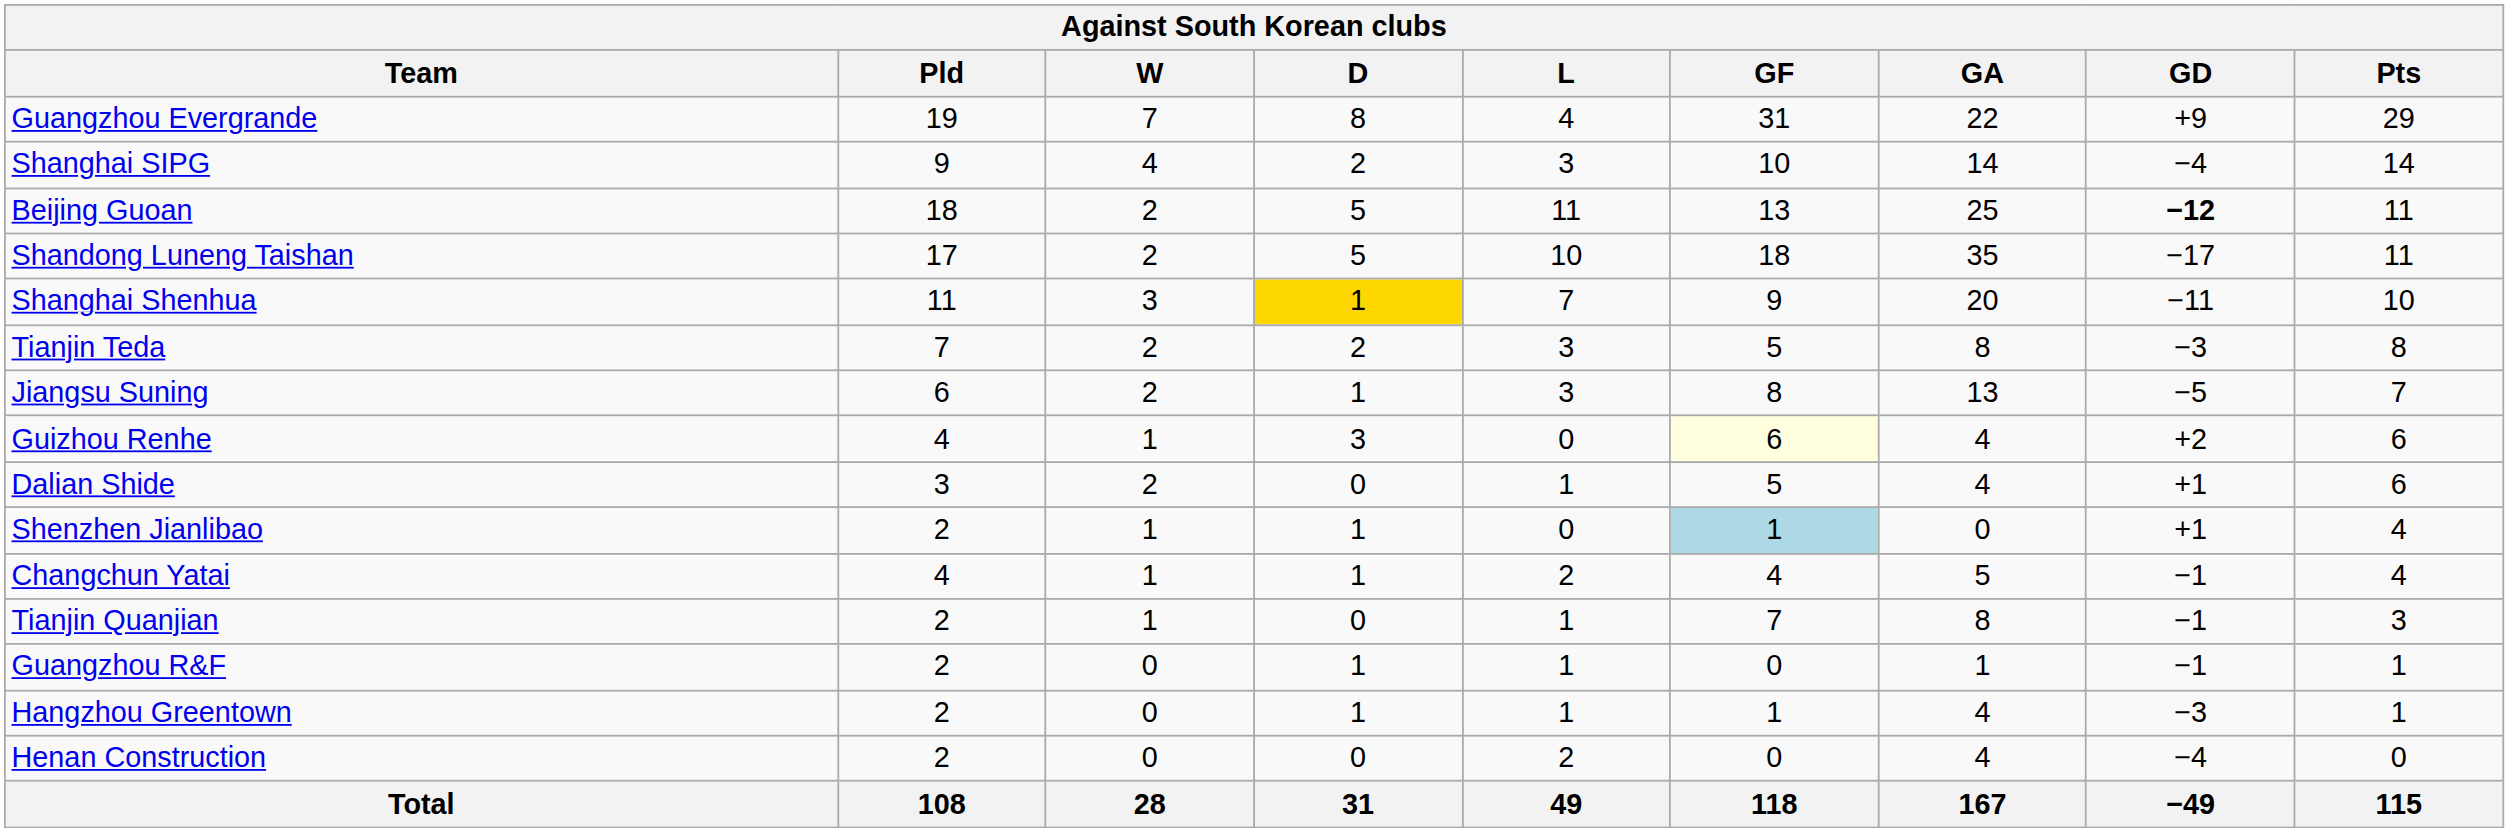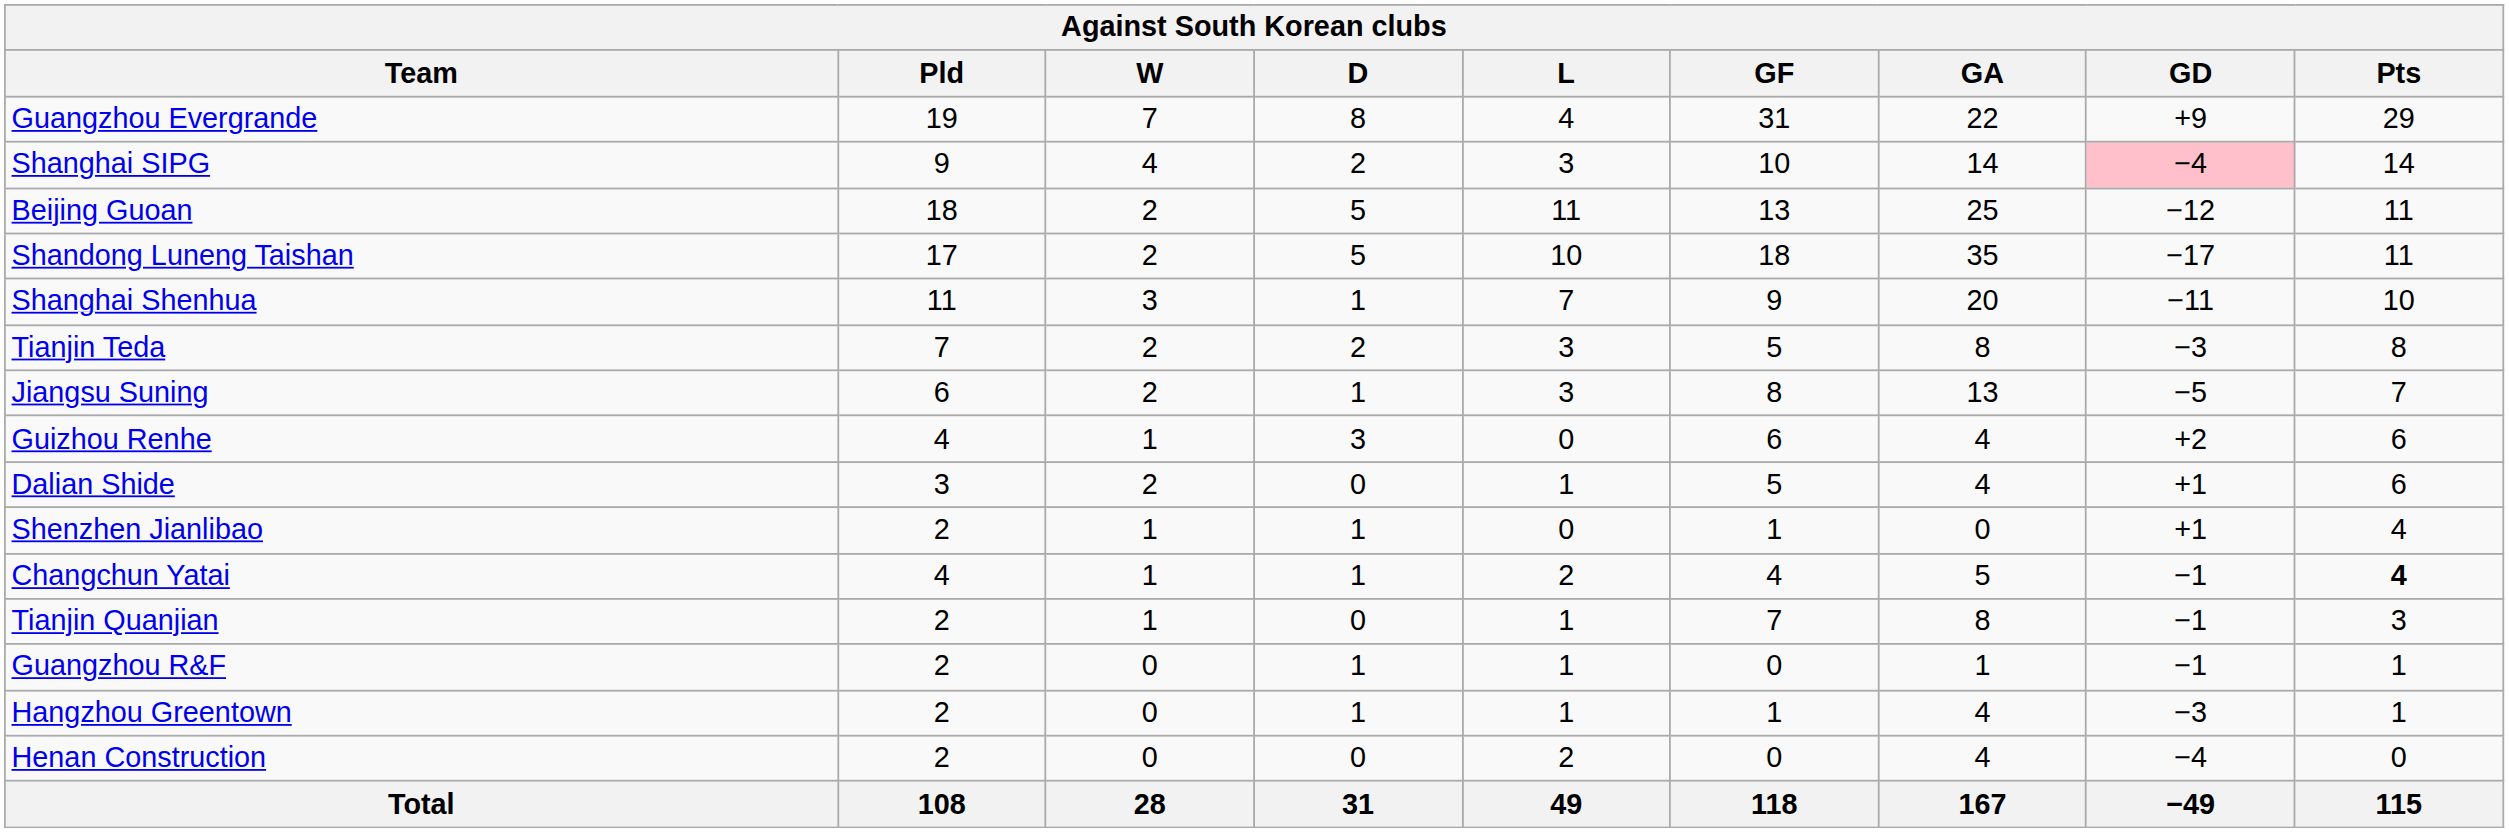 <table width=70% class="wikitable" style="text-align:center">
 <tr>
 <th colspan=9>Against South Korean clubs</th>
 </tr>
 <tr>
 <th width=20%>Team</th>
 <th width=5%>Pld</th>
 <th width=5%>W</th>
 <th width=5%>D</th>
 <th width=5%>L</th>
 <th width=5%>GF</th>
 <th width=5%>GA</th>
 <th width=5%>GD</th>
 <th width=5%>Pts</th>
 </tr>
 <tr>
 <td align=left> <a href='#'>Guangzhou Evergrande</a></td>
 <td>19</td>
 <td>7</td>
 <td>8</td>
 <td>4</td>
 <td>31</td>
 <td>22</td>
 <td>+9</td>
 <td>29</td>
 </tr>
 <tr>
 <td align=left> <a href='#'>Shanghai SIPG</a></td>
 <td>9</td>
 <td>4</td>
 <td>2</td>
 <td>3</td>
 <td>10</td>
 <td>14</td>
-<td>−4</td>
+<td style="background: pink;">−4</td>
 <td>14</td>
 </tr>
 <tr>
 <td align=left> <a href='#'>Beijing Guoan</a></td>
 <td>18</td>
 <td>2</td>
 <td>5</td>
 <td>11</td>
 <td>13</td>
 <td>25</td>
-<td><strong>−12</strong></td>
+<td>−12</td>
 <td>11</td>
 </tr>
 <tr>
 <td align=left> <a href='#'>Shandong Luneng Taishan</a></td>
 <td>17</td>
 <td>2</td>
 <td>5</td>
 <td>10</td>
 <td>18</td>
 <td>35</td>
 <td>−17</td>
 <td>11</td>
 </tr>
 <tr>
 <td align=left> <a href='#'>Shanghai Shenhua</a></td>
 <td>11</td>
 <td>3</td>
-<td style="background: gold;">1</td>
+<td>1</td>
 <td>7</td>
 <td>9</td>
 <td>20</td>
 <td>−11</td>
 <td>10</td>
 </tr>
 <tr>
 <td align=left> <a href='#'>Tianjin Teda</a></td>
 <td>7</td>
 <td>2</td>
 <td>2</td>
 <td>3</td>
 <td>5</td>
 <td>8</td>
 <td>−3</td>
 <td>8</td>
 </tr>
 <tr>
 <td align=left> <a href='#'>Jiangsu Suning</a></td>
 <td>6</td>
 <td>2</td>
 <td>1</td>
 <td>3</td>
 <td>8</td>
 <td>13</td>
 <td>−5</td>
 <td>7</td>
 </tr>
 <tr>
 <td align=left> <a href='#'>Guizhou Renhe</a></td>
 <td>4</td>
 <td>1</td>
 <td>3</td>
 <td>0</td>
-<td style="background: lightyellow;">6</td>
+<td>6</td>
 <td>4</td>
 <td>+2</td>
 <td>6</td>
 </tr>
 <tr>
 <td align=left> <a href='#'>Dalian Shide</a></td>
 <td>3</td>
 <td>2</td>
 <td>0</td>
 <td>1</td>
 <td>5</td>
 <td>4</td>
 <td>+1</td>
 <td>6</td>
 </tr>
 <tr>
 <td align=left> <a href='#'>Shenzhen Jianlibao</a></td>
 <td>2</td>
 <td>1</td>
 <td>1</td>
 <td>0</td>
-<td style="background: lightblue;">1</td>
+<td>1</td>
 <td>0</td>
 <td>+1</td>
 <td>4</td>
 </tr>
 <tr>
 <td align=left> <a href='#'>Changchun Yatai</a></td>
 <td>4</td>
 <td>1</td>
 <td>1</td>
 <td>2</td>
 <td>4</td>
 <td>5</td>
 <td>−1</td>
-<td>4</td>
+<td><strong>4</strong></td>
 </tr>
 <tr>
 <td align=left> <a href='#'>Tianjin Quanjian</a></td>
 <td>2</td>
 <td>1</td>
 <td>0</td>
 <td>1</td>
 <td>7</td>
 <td>8</td>
 <td>−1</td>
 <td>3</td>
 </tr>
 <tr>
 <td align=left> <a href='#'>Guangzhou R&F</a></td>
 <td>2</td>
 <td>0</td>
 <td>1</td>
 <td>1</td>
 <td>0</td>
 <td>1</td>
 <td>−1</td>
 <td>1</td>
 </tr>
 <tr>
 <td align=left> <a href='#'>Hangzhou Greentown</a></td>
 <td>2</td>
 <td>0</td>
 <td>1</td>
 <td>1</td>
 <td>1</td>
 <td>4</td>
 <td>−3</td>
 <td>1</td>
 </tr>
 <tr>
 <td align=left> <a href='#'>Henan Construction</a></td>
 <td>2</td>
 <td>0</td>
 <td>0</td>
 <td>2</td>
 <td>0</td>
 <td>4</td>
 <td>−4</td>
 <td>0</td>
 </tr>
 <tr>
 <th>Total</th>
 <th>108</th>
 <th>28</th>
 <th>31</th>
 <th>49</th>
 <th>118</th>
 <th>167</th>
 <th>−49</th>
 <th>115</th>
 </tr>
 </table>
